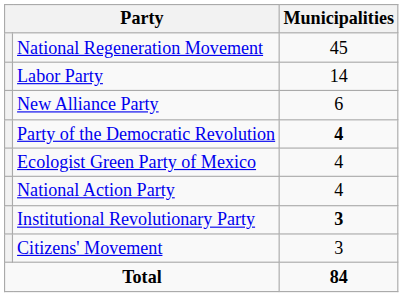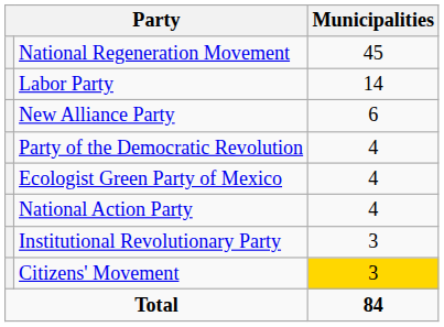 <table class="wikitable" style="text-align:center;">
 <tr>
 <th colspan="2">Party</th>
 <th>Municipalities</th>
 </tr>
 <tr>
 <th style="background-color:"></th>
 <td style="text-align:left;"><a href='#'>National Regeneration Movement</a></td>
 <td>45</td>
 </tr>
 <tr>
 <th style="background-color:"></th>
 <td style="text-align:left;"><a href='#'>Labor Party</a></td>
 <td>14</td>
 </tr>
 <tr>
 <th style="background-color:"></th>
 <td style="text-align:left;"><a href='#'>New Alliance Party</a></td>
 <td>6</td>
 </tr>
 <tr>
 <th style="background-color:"></th>
 <td style="text-align:left;"><a href='#'>Party of the Democratic Revolution</a></td>
-<td><strong>4</strong></td>
+<td>4</td>
 </tr>
 <tr>
 <th style="background-color:"></th>
 <td style="text-align:left;"><a href='#'>Ecologist Green Party of Mexico</a></td>
 <td>4</td>
 </tr>
 <tr>
 <th style="background-color:"></th>
 <td style="text-align:left;"><a href='#'>National Action Party</a></td>
 <td>4</td>
 </tr>
 <tr>
 <th style="background-color:"></th>
 <td style="text-align:left;"><a href='#'>Institutional Revolutionary Party</a></td>
-<td><strong>3</strong></td>
+<td>3</td>
 </tr>
 <tr>
 <th style="background-color:"></th>
 <td style="text-align:left;"><a href='#'>Citizens' Movement</a></td>
-<td>3</td>
+<td style="background: gold;">3</td>
 </tr>
 <tr>
 <td colspan="2"><strong>Total</strong></td>
 <td><strong>84</strong></td>
 </tr>
 </table>
